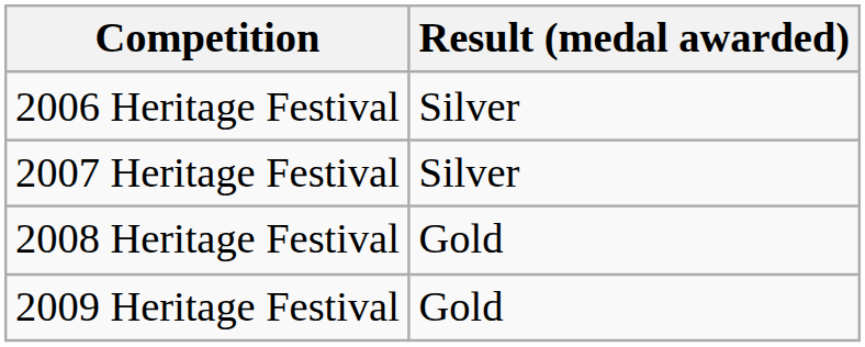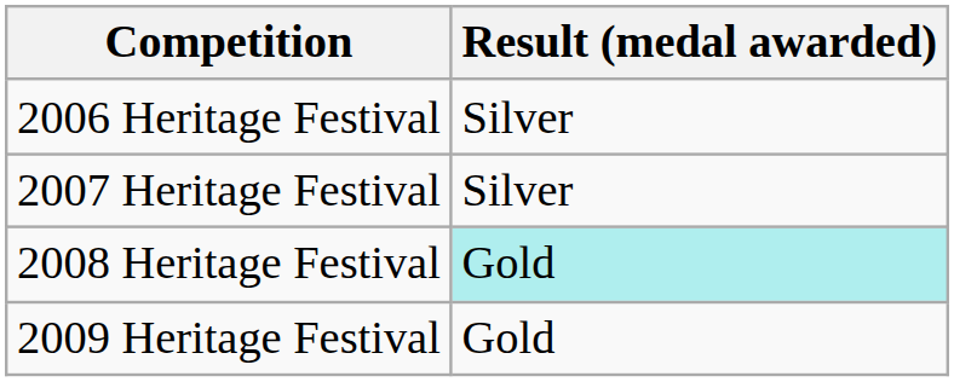 <table class="wikitable">
 <tr>
 <th>Competition</th>
 <th>Result (medal awarded)</th>
 </tr>
 <tr>
 <td> 2006 Heritage Festival</td>
 <td>Silver</td>
 </tr>
 <tr>
 <td> 2007 Heritage Festival</td>
 <td>Silver</td>
 </tr>
 <tr>
 <td> 2008 Heritage Festival</td>
-<td>Gold</td>
+<td style="background: paleturquoise;">Gold</td>
 </tr>
 <tr>
 <td> 2009 Heritage Festival</td>
 <td>Gold</td>
 </tr>
 </table>
